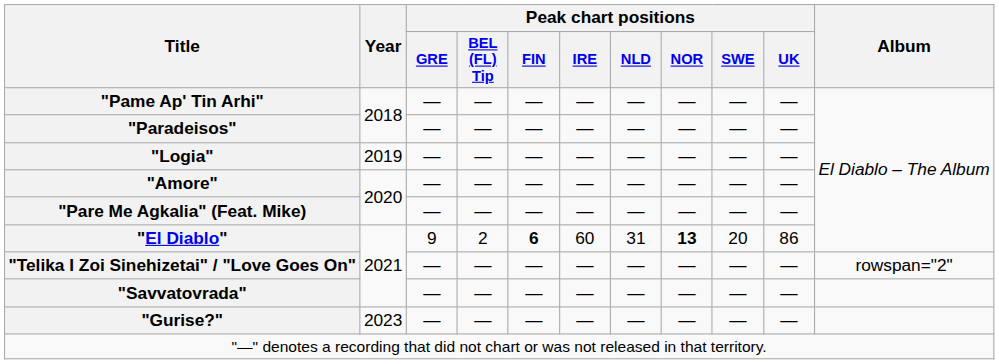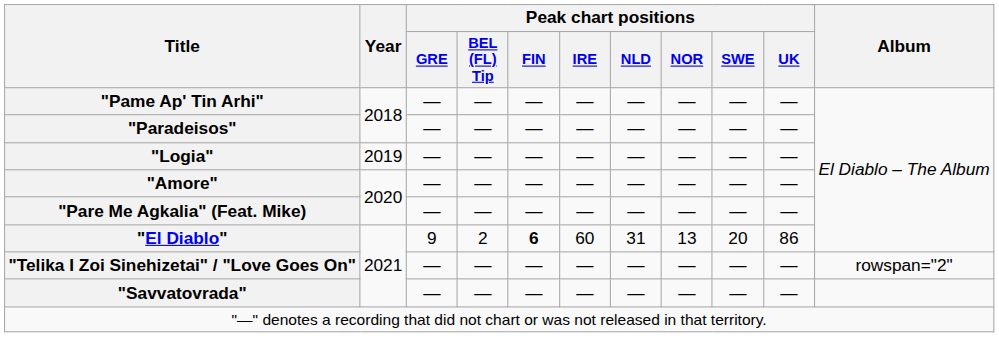 <table class="wikitable plainrowheaders" style="text-align:center;">
 <tr>
 <th scope="col" rowspan="2">Title</th>
 <th scope="col" rowspan="2">Year</th>
 <th scope="col" colspan="8">Peak chart positions</th>
 <th scope="col" rowspan="2">Album</th>
 </tr>
 <tr>
 <th scope="col" style="width:3em;font-size:85%;"><a href='#'>GRE</a><br></th>
 <th scope="col" style="width:3em;font-size:85%;"><a href='#'>BEL<br>(FL)<br>Tip</a><br></th>
 <th scope="col" style="width:3em;font-size:85%;"><a href='#'>FIN</a><br></th>
 <th scope="col" style="width:3em;font-size:85%;"><a href='#'>IRE</a><br></th>
 <th scope="col" style="width:3em;font-size:85%;"><a href='#'>NLD</a><br></th>
 <th scope="col" style="width:3em;font-size:85%;"><a href='#'>NOR</a><br></th>
 <th scope="col" style="width:3em;font-size:85%;"><a href='#'>SWE</a><br></th>
 <th scope="col" style="width:3em;font-size:85%;"><a href='#'>UK</a><br></th>
 </tr>
 <tr>
 <th scope="row">"Pame Ap' Tin Arhi"</th>
 <td rowspan="2">2018</td>
 <td>—</td>
 <td>—</td>
 <td>—</td>
 <td>—</td>
 <td>—</td>
 <td>—</td>
 <td>—</td>
 <td>—</td>
 <td rowspan="6"><em>El Diablo – The Album</em></td>
 </tr>
 <tr>
 <th scope="row">"Paradeisos"</th>
 <td>—</td>
 <td>—</td>
 <td>—</td>
 <td>—</td>
 <td>—</td>
 <td>—</td>
 <td>—</td>
 <td>—</td>
 </tr>
 <tr>
 <th scope="row">"Logia"</th>
 <td>2019</td>
 <td>—</td>
 <td>—</td>
 <td>—</td>
 <td>—</td>
 <td>—</td>
 <td>—</td>
 <td>—</td>
 <td>—</td>
 </tr>
 <tr>
 <th scope="row">"Amore"</th>
 <td rowspan="2">2020</td>
 <td>—</td>
 <td>—</td>
 <td>—</td>
 <td>—</td>
 <td>—</td>
 <td>—</td>
 <td>—</td>
 <td>—</td>
 </tr>
 <tr>
 <th scope="row">"Pare Me Agkalia" (Feat. Mike)</th>
 <td>—</td>
 <td>—</td>
 <td>—</td>
 <td>—</td>
 <td>—</td>
 <td>—</td>
 <td>—</td>
 <td>—</td>
 </tr>
 <tr>
 <th scope="row">"<a href='#'>El Diablo</a>"</th>
 <td rowspan="3">2021</td>
 <td>9</td>
 <td>2</td>
 <td><strong>6</strong></td>
 <td>60</td>
 <td>31</td>
-<td><strong>13</strong></td>
+<td>13</td>
 <td>20</td>
 <td>86</td>
 </tr>
 <tr>
 <th scope="row">"Telika I Zoi Sinehizetai" / "Love Goes On"</th>
 <td>—</td>
 <td>—</td>
 <td>—</td>
 <td>—</td>
 <td>—</td>
 <td>—</td>
 <td>—</td>
 <td>—</td>
 <td>rowspan="2" </td>
 </tr>
 <tr>
 <th scope="row">"Savvatovrada"</th>
 <td>—</td>
 <td>—</td>
 <td>—</td>
 <td>—</td>
 <td>—</td>
 <td>—</td>
 <td>—</td>
 <td>—</td>
 </tr>
 <tr>
-<th scope="row">"Gurise?"</th>
-<td>2023</td>
-<td>—</td>
-<td>—</td>
-<td>—</td>
-<td>—</td>
-<td>—</td>
-<td>—</td>
-<td>—</td>
-<td>—</td>
-<td></td>
-</tr>
-<tr>
 <td colspan="11" style="font-size:90%">"—" denotes a recording that did not chart or was not released in that territory.</td>
 </tr>
 </table>
